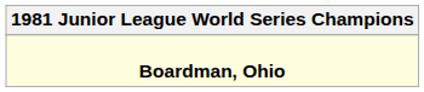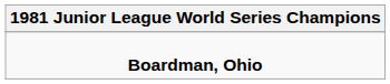 <table class="wikitable" style="text-align: center; margin: 0 auto;">
 <tr>
 <th>1981 Junior League World Series Champions</th>
 </tr>
 <tr>
 </tr>
 <tr>
-<td style="background: lightyellow;"><br><strong>Boardman, Ohio</strong></td>
+<td><br><strong>Boardman, Ohio</strong></td>
 </tr>
 </table>
